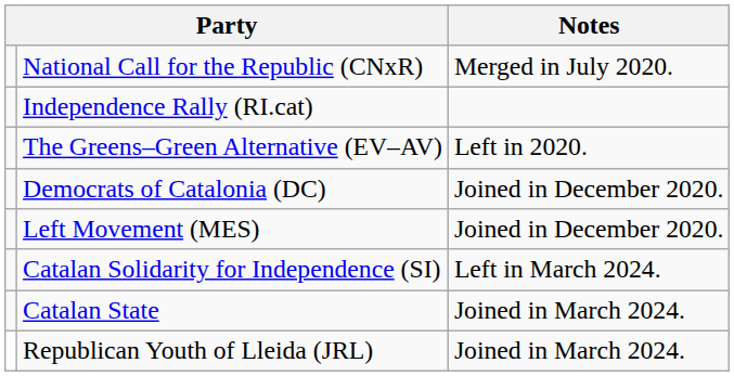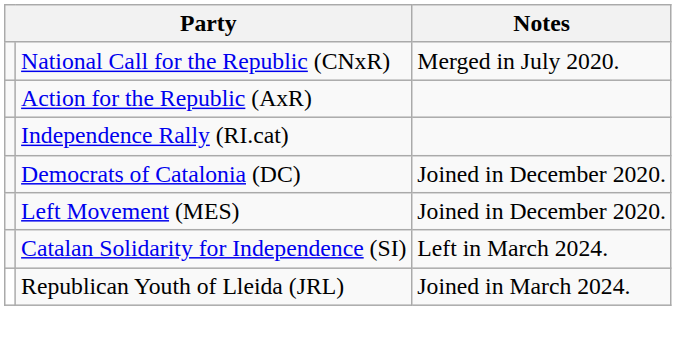 <table class="wikitable" style="text-align:left; font-size:100%;">
 <tr>
 <th colspan="2">Party</th>
 <th>Notes</th>
 </tr>
 <tr>
 <td></td>
 <td><a href='#'>National Call for the Republic</a> (CNxR)</td>
 <td>Merged in July 2020.</td>
 </tr>
 <tr>
 <td></td>
-<td><a href='#'>Independence Rally</a> (RI.cat)</td>
+<td><a href='#'>Action for the Republic</a> (AxR)</td>
 <td></td>
 </tr>
 <tr>
 <td></td>
-<td><a href='#'>The Greens–Green Alternative</a> (EV–AV)</td>
-<td>Left in 2020.</td>
+<td><a href='#'>Independence Rally</a> (RI.cat)</td>
+<td></td>
 </tr>
 <tr>
 <td></td>
 <td><a href='#'>Democrats of Catalonia</a> (DC)</td>
 <td>Joined in December 2020.</td>
 </tr>
 <tr>
 <td></td>
 <td><a href='#'>Left Movement</a> (MES)</td>
 <td>Joined in December 2020.</td>
 </tr>
 <tr>
 <td></td>
 <td><a href='#'>Catalan Solidarity for Independence</a> (SI)</td>
 <td>Left in March 2024.</td>
 </tr>
 <tr>
-<td></td>
-<td><a href='#'>Catalan State</a></td>
-<td>Joined in March 2024.</td>
-</tr>
-<tr>
 <td bgcolor="white"></td>
 <td>Republican Youth of Lleida (JRL)</td>
 <td>Joined in March 2024.</td>
 </tr>
 </table>
